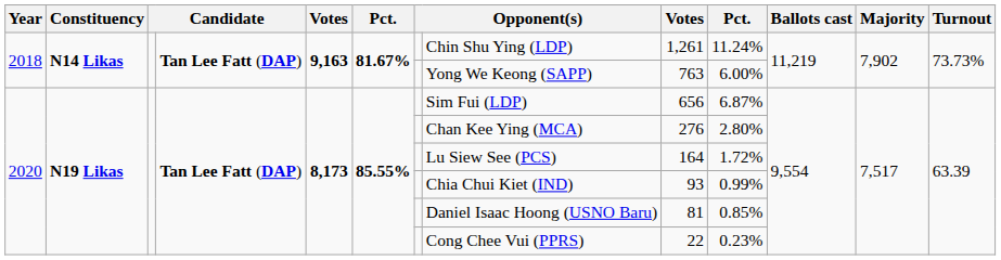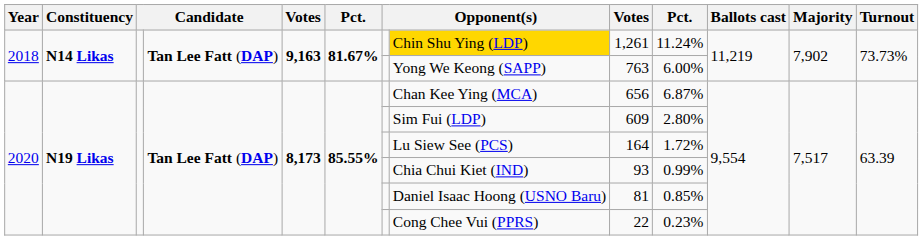 <table class="wikitable" style="margin:0.5em ; font-size:95%">
 <tr>
 <th>Year</th>
 <th>Constituency</th>
 <th colspan=2>Candidate</th>
 <th>Votes</th>
 <th>Pct.</th>
 <th colspan=2>Opponent(s)</th>
 <th>Votes</th>
 <th>Pct.</th>
 <th>Ballots cast</th>
 <th>Majority</th>
 <th>Turnout</th>
 </tr>
 <tr>
 <td rowspan="2"><a href='#'>2018</a></td>
 <td rowspan="2"><strong>N14 <a href='#'>Likas</a></strong></td>
 <td rowspan="2" ></td>
 <td rowspan="2"><strong>Tan Lee Fatt</strong> (<a href='#'><strong>DAP</strong></a>)</td>
 <td rowspan="2" align=right><strong>9,163</strong></td>
 <td rowspan="2"><strong>81.67%</strong></td>
 <td></td>
-<td>Chin Shu Ying (<a href='#'>LDP</a>)</td>
+<td style="background: gold;">Chin Shu Ying (<a href='#'>LDP</a>)</td>
 <td align=right>1,261</td>
 <td>11.24%</td>
 <td rowspan="2">11,219</td>
 <td rowspan="2">7,902</td>
 <td rowspan="2">73.73%</td>
 </tr>
 <tr>
 <td bgcolor = ></td>
 <td>Yong We Keong (<a href='#'>SAPP</a>)</td>
 <td align=right>763</td>
 <td align=right>6.00%</td>
 </tr>
 <tr>
 <td rowspan="6"><a href='#'>2020</a></td>
 <td rowspan="6"><strong>N19 <a href='#'>Likas</a></strong></td>
 <td rowspan="6" ></td>
 <td rowspan="6"><strong>Tan Lee Fatt</strong> (<a href='#'><strong>DAP</strong></a>)</td>
 <td rowspan="6" align=right><strong>8,173</strong></td>
 <td rowspan="6"><strong>85.55%</strong></td>
 <td></td>
-<td>Sim Fui (<a href='#'>LDP</a>)</td>
+<td>Chan Kee Ying (<a href='#'>MCA</a>)</td>
 <td align=right>656</td>
 <td align=right>6.87%</td>
 <td rowspan="6">9,554</td>
 <td rowspan="6">7,517</td>
 <td rowspan="6">63.39</td>
 </tr>
 <tr>
 <td></td>
-<td>Chan Kee Ying (<a href='#'>MCA</a>)</td>
-<td align=right>276</td>
+<td>Sim Fui (<a href='#'>LDP</a>)</td>
+<td align=right>609</td>
 <td align=right>2.80%</td>
 </tr>
 <tr>
 <td bgcolor= ></td>
 <td>Lu Siew See (<a href='#'>PCS</a>)</td>
 <td align=right>164</td>
 <td align=right>1.72%</td>
 </tr>
 <tr>
 <td></td>
 <td>Chia Chui Kiet (<a href='#'>IND</a>)</td>
 <td align=right>93</td>
 <td align=right>0.99%</td>
 </tr>
 <tr>
 <td bgcolor = ></td>
 <td>Daniel Isaac Hoong (<a href='#'>USNO Baru</a>)</td>
 <td align=right>81</td>
 <td align=right>0.85%</td>
 </tr>
 <tr>
 <td bgcolor = ></td>
 <td>Cong Chee Vui (<a href='#'>PPRS</a>)</td>
 <td align=right>22</td>
 <td align=right>0.23%</td>
 </tr>
 </table>
